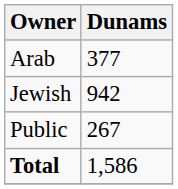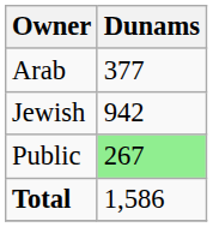 <table class="wikitable">
 <tr>
 <th>Owner</th>
 <th>Dunams</th>
 </tr>
 <tr>
 <td>Arab</td>
 <td>377</td>
 </tr>
 <tr>
 <td>Jewish</td>
 <td>942</td>
 </tr>
 <tr>
 <td>Public</td>
-<td>267</td>
+<td style="background: lightgreen;">267</td>
 </tr>
 <tr>
 <td><strong>Total</strong></td>
 <td>1,586</td>
 </tr>
 <tr>
 </tr>
 </table>
